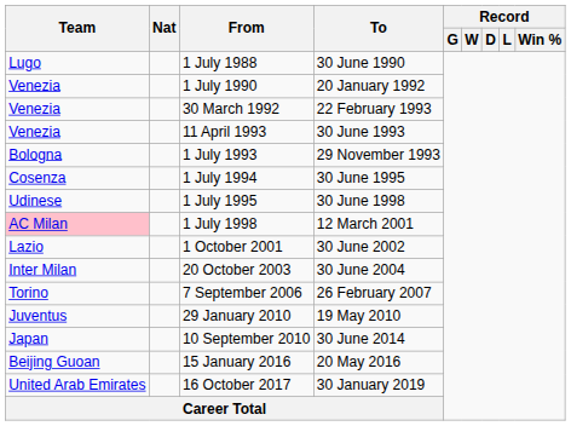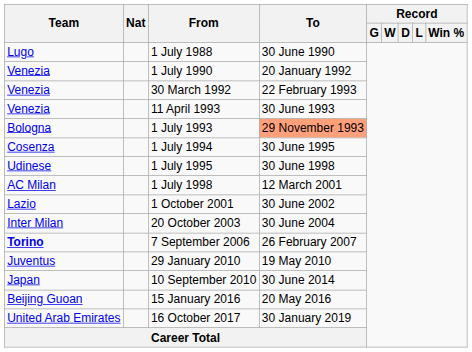 <table class="wikitable" style="text-align: center">
 <tr>
 <th rowspan="2">Team</th>
 <th rowspan="2">Nat</th>
 <th rowspan="2">From</th>
 <th rowspan="2">To</th>
 <th colspan="9">Record</th>
 </tr>
 <tr>
 <th>G</th>
 <th>W</th>
 <th>D</th>
 <th>L</th>
 <th>Win %</th>
 </tr>
 <tr>
 <td align=left><a href='#'>Lugo</a></td>
 <td></td>
 <td align=left>1 July 1988</td>
 <td align=left>30 June 1990<br></td>
 </tr>
 <tr>
 <td align=left><a href='#'>Venezia</a></td>
 <td></td>
 <td align=left>1 July 1990</td>
 <td align=left>20 January 1992<br></td>
 </tr>
 <tr>
 <td align=left><a href='#'>Venezia</a></td>
 <td></td>
 <td align=left>30 March 1992</td>
 <td align=left>22 February 1993<br></td>
 </tr>
 <tr>
 <td align=left><a href='#'>Venezia</a></td>
 <td></td>
 <td align=left>11 April 1993</td>
 <td align=left>30 June 1993<br></td>
 </tr>
 <tr>
 <td align=left><a href='#'>Bologna</a></td>
 <td></td>
 <td align=left>1 July 1993</td>
-<td align=left>29 November 1993<br></td>
+<td align=left style="background: lightsalmon;">29 November 1993<br></td>
 </tr>
 <tr>
 <td align=left><a href='#'>Cosenza</a></td>
 <td></td>
 <td align=left>1 July 1994</td>
 <td align=left>30 June 1995<br></td>
 </tr>
 <tr>
 <td align=left><a href='#'>Udinese</a></td>
 <td></td>
 <td align=left>1 July 1995</td>
 <td align=left>30 June 1998<br></td>
 </tr>
 <tr>
-<td align=left style="background: pink;"><a href='#'>AC Milan</a></td>
+<td align=left><a href='#'>AC Milan</a></td>
 <td></td>
 <td align=left>1 July 1998</td>
 <td align=left>12 March 2001<br></td>
 </tr>
 <tr>
 <td align=left><a href='#'>Lazio</a></td>
 <td></td>
 <td align=left>1 October 2001</td>
 <td align=left>30 June 2002<br></td>
 </tr>
 <tr>
 <td align=left><a href='#'>Inter Milan</a></td>
 <td></td>
 <td align=left>20 October 2003</td>
 <td align=left>30 June 2004<br></td>
 </tr>
 <tr>
-<td align=left><a href='#'>Torino</a></td>
+<td align=left><strong><a href='#'>Torino</a></strong></td>
 <td></td>
 <td align=left>7 September 2006</td>
 <td align=left>26 February 2007<br></td>
 </tr>
 <tr>
 <td align=left><a href='#'>Juventus</a></td>
 <td></td>
 <td align=left>29 January 2010</td>
 <td align=left>19 May 2010<br></td>
 </tr>
 <tr>
 <td align=left><a href='#'>Japan</a></td>
 <td></td>
 <td align=left>10 September 2010</td>
 <td align=left>30 June 2014<br></td>
 </tr>
 <tr>
 <td align=left><a href='#'>Beijing Guoan</a></td>
 <td></td>
 <td align=left>15 January 2016</td>
 <td align=left>20 May 2016<br></td>
 </tr>
 <tr>
 <td align=left><a href='#'>United Arab Emirates</a></td>
 <td></td>
 <td align=left>16 October 2017</td>
 <td align=left>30 January 2019<br></td>
 </tr>
 <tr>
 <th colspan="4">Career Total<br></th>
 </tr>
 </table>
